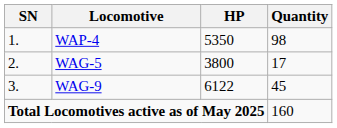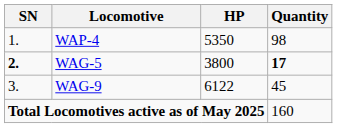 <table class="wikitable">
 <tr>
 <th>SN</th>
 <th>Locomotive</th>
 <th>HP</th>
 <th>Quantity</th>
 </tr>
 <tr>
 <td>1.</td>
 <td><a href='#'>WAP-4</a></td>
 <td>5350</td>
 <td>98</td>
 </tr>
 <tr>
-<td>2.</td>
+<td><strong>2.</strong></td>
 <td><a href='#'>WAG-5</a></td>
 <td>3800</td>
-<td>17</td>
+<td><strong>17</strong></td>
 </tr>
 <tr>
 <td>3.</td>
 <td><a href='#'>WAG-9</a></td>
 <td>6122</td>
 <td>45</td>
 </tr>
 <tr>
 <td colspan="3"><strong>Total Locomotives active as of May 2025</strong></td>
 <td>160</td>
 </tr>
 </table>
